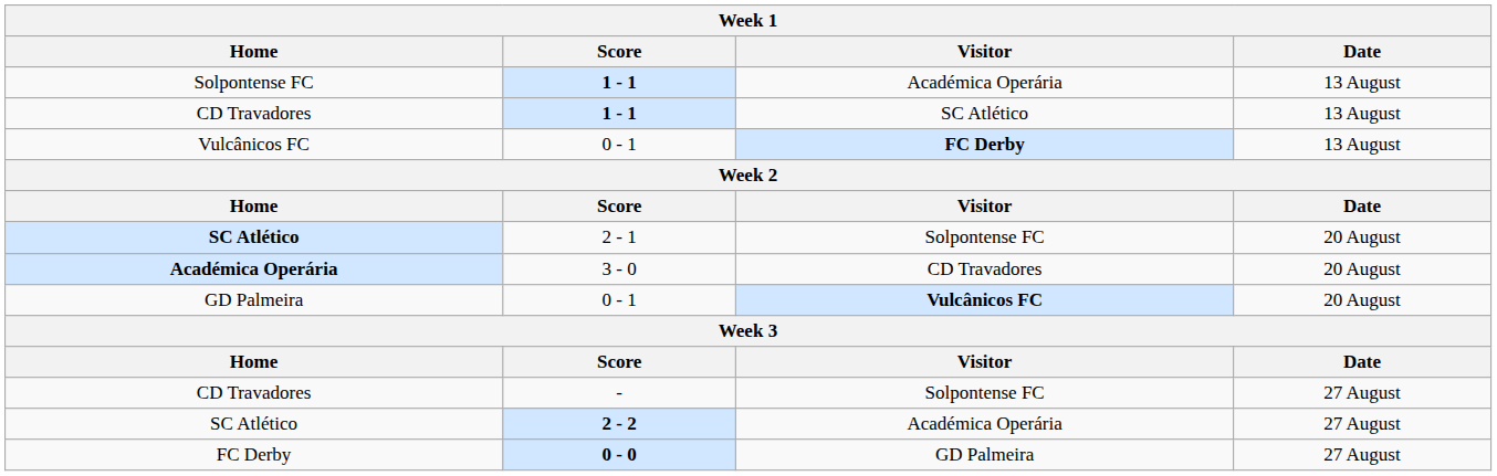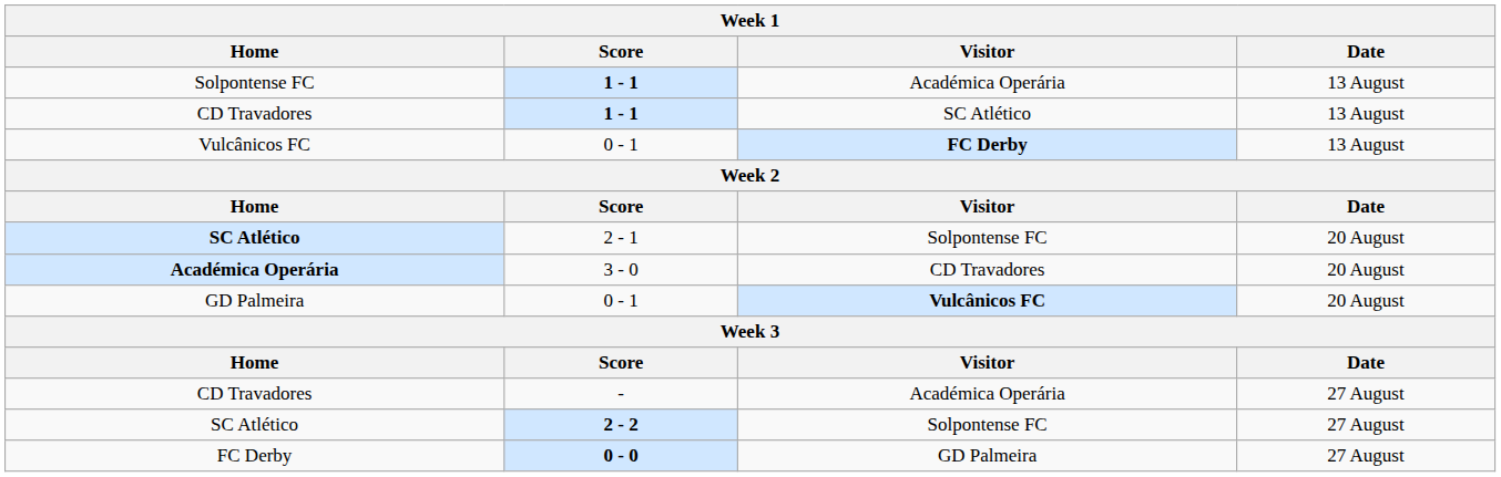 <table class="wikitable" style="font-size:95%; text-align: center; width: 95%;">
 <tr>
 <th colspan="12" style="with: 100%;" align=center>Week 1</th>
 </tr>
 <tr>
 <th width="200">Home</th>
 <th width="90">Score</th>
 <th width="200">Visitor</th>
 <th width="100">Date</th>
 </tr>
 <tr align=center>
 <td>Solpontense FC</td>
 <td bgcolor=#D0E7FF><strong>1 - 1</strong></td>
 <td>Académica Operária</td>
 <td>13 August</td>
 </tr>
 <tr align=center>
 <td>CD Travadores</td>
 <td bgcolor=#D0E7FF><strong>1 - 1</strong></td>
 <td>SC Atlético</td>
 <td>13 August</td>
 </tr>
 <tr align=center>
 <td>Vulcânicos FC</td>
 <td>0 - 1</td>
 <td bgcolor=#D0E7FF><strong>FC Derby</strong></td>
 <td>13 August</td>
 </tr>
 <tr>
 <th colspan="12" style="with: 100%;" align=center>Week 2</th>
 </tr>
 <tr>
 <th width="200">Home</th>
 <th width="90">Score</th>
 <th width="200">Visitor</th>
 <th width="100">Date</th>
 </tr>
 <tr align=center>
 <td bgcolor=#D0E7FF><strong>SC Atlético</strong></td>
 <td>2 - 1</td>
 <td>Solpontense FC</td>
 <td>20 August</td>
 </tr>
 <tr align=center>
 <td bgcolor=#D0E7FF><strong>Académica Operária</strong></td>
 <td>3 - 0</td>
 <td>CD Travadores</td>
 <td>20 August</td>
 </tr>
 <tr align=center>
 <td>GD Palmeira</td>
 <td>0 - 1</td>
 <td bgcolor=#D0E7FF><strong>Vulcânicos FC</strong></td>
 <td>20 August</td>
 </tr>
 <tr>
 <th colspan="12" style="with: 100%;" align=center>Week 3</th>
 </tr>
 <tr>
 <th width="200">Home</th>
 <th width="90">Score</th>
 <th width="200">Visitor</th>
 <th width="100">Date</th>
 </tr>
 <tr align=center>
 <td>CD Travadores</td>
 <td>-</td>
-<td>Solpontense FC</td>
+<td>Académica Operária</td>
 <td>27 August</td>
 </tr>
 <tr align=center>
 <td>SC Atlético</td>
 <td bgcolor=#D0E7FF><strong>2 - 2</strong></td>
-<td>Académica Operária</td>
+<td>Solpontense FC</td>
 <td>27 August</td>
 </tr>
 <tr align=center>
 <td>FC Derby</td>
 <td bgcolor=#D0E7FF><strong>0 - 0</strong></td>
 <td>GD Palmeira</td>
 <td>27 August</td>
 </tr>
 </table>
